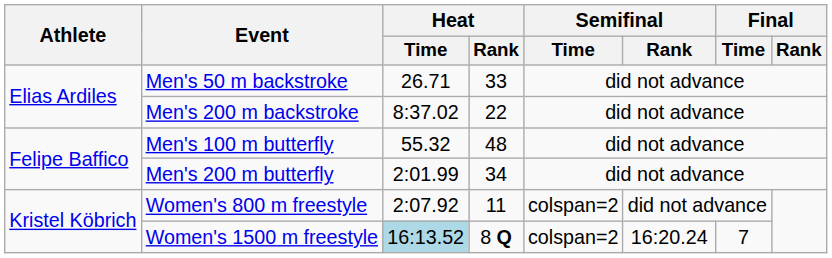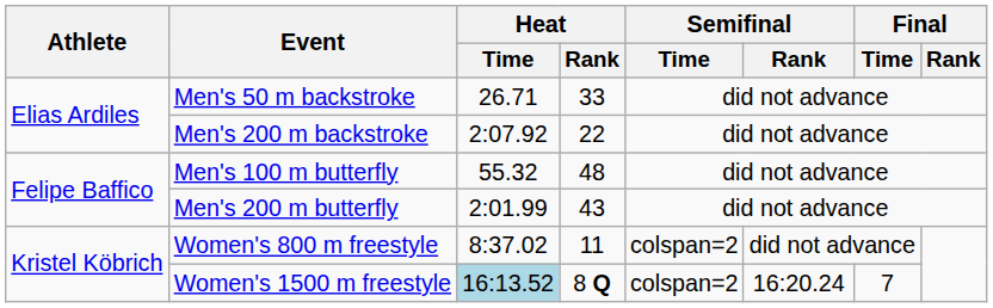 <table class=wikitable style="font-size:90%">
 <tr>
 <th rowspan="2">Athlete</th>
 <th rowspan="2">Event</th>
 <th colspan="2">Heat</th>
 <th colspan="2">Semifinal</th>
 <th colspan="2">Final</th>
 </tr>
 <tr style="font-size:95%">
 <th>Time</th>
 <th>Rank</th>
 <th>Time</th>
 <th>Rank</th>
 <th>Time</th>
 <th>Rank</th>
 </tr>
 <tr align=center>
 <td align=left rowspan=2><a href='#'>Elias Ardiles</a></td>
 <td align=left><a href='#'>Men's 50 m backstroke</a></td>
 <td>26.71</td>
 <td>33</td>
 <td colspan=4>did not advance</td>
 </tr>
 <tr align=center>
 <td align=left><a href='#'>Men's 200 m backstroke</a></td>
-<td>8:37.02</td>
+<td>2:07.92</td>
 <td>22</td>
 <td colspan=4>did not advance</td>
 </tr>
 <tr align=center>
 <td align=left rowspan=2><a href='#'>Felipe Baffico</a></td>
 <td align=left><a href='#'>Men's 100 m butterfly</a></td>
 <td>55.32</td>
 <td>48</td>
 <td colspan=4>did not advance</td>
 </tr>
 <tr align=center>
 <td align=left><a href='#'>Men's 200 m butterfly</a></td>
 <td>2:01.99</td>
-<td>34</td>
+<td>43</td>
 <td colspan=4>did not advance</td>
 </tr>
 <tr align=center>
 <td align=left rowspan=2><a href='#'>Kristel Köbrich</a></td>
 <td align=left><a href='#'>Women's 800 m freestyle</a></td>
-<td>2:07.92</td>
+<td>8:37.02</td>
 <td>11</td>
 <td>colspan=2</td>
 <td colspan=2>did not advance</td>
 </tr>
 <tr align=center>
 <td align=left><a href='#'>Women's 1500 m freestyle</a></td>
 <td style="background: lightblue;">16:13.52</td>
 <td>8 <strong>Q</strong></td>
 <td>colspan=2</td>
 <td>16:20.24</td>
 <td>7</td>
 </tr>
 </table>
